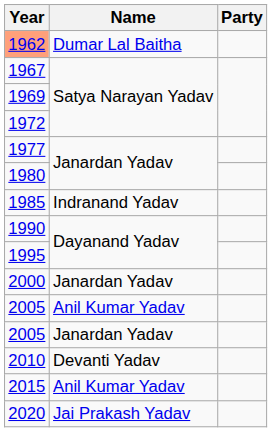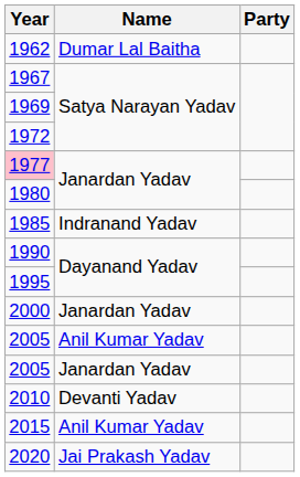 <table class="wikitable sortable">
 <tr>
 <th>Year</th>
 <th>Name</th>
 <th colspan="2">Party</th>
 </tr>
 <tr>
-<td style="background: lightsalmon;"><a href='#'>1962</a></td>
+<td><a href='#'>1962</a></td>
 <td><a href='#'>Dumar Lal Baitha</a></td>
 <td></td>
 </tr>
 <tr>
 <td><a href='#'>1967</a></td>
 <td rowspan="3">Satya Narayan Yadav</td>
 </tr>
 <tr>
 <td><a href='#'>1969</a></td>
 </tr>
 <tr>
 <td><a href='#'>1972</a></td>
 </tr>
 <tr>
-<td><a href='#'>1977</a></td>
+<td style="background: pink;"><a href='#'>1977</a></td>
 <td rowspan="2">Janardan Yadav</td>
 <td></td>
 </tr>
 <tr>
 <td><a href='#'>1980</a></td>
 <td></td>
 </tr>
 <tr>
 <td><a href='#'>1985</a></td>
 <td>Indranand Yadav</td>
 <td></td>
 </tr>
 <tr>
 <td><a href='#'>1990</a></td>
 <td rowspan="2">Dayanand Yadav</td>
 <td></td>
 </tr>
 <tr>
 <td><a href='#'>1995</a></td>
 </tr>
 <tr>
 <td><a href='#'>2000</a></td>
 <td>Janardan Yadav</td>
 <td></td>
 </tr>
 <tr>
 <td><a href='#'>2005</a></td>
 <td><a href='#'>Anil Kumar Yadav</a></td>
 <td></td>
 </tr>
 <tr>
 <td><a href='#'>2005</a></td>
 <td>Janardan Yadav</td>
 <td></td>
 </tr>
 <tr>
 <td><a href='#'>2010</a></td>
 <td>Devanti Yadav</td>
 </tr>
 <tr>
 <td><a href='#'>2015</a></td>
 <td><a href='#'>Anil Kumar Yadav</a></td>
 <td></td>
 </tr>
 <tr>
 <td><a href='#'>2020</a></td>
 <td><a href='#'>Jai Prakash Yadav</a></td>
 <td></td>
 </tr>
 </table>
